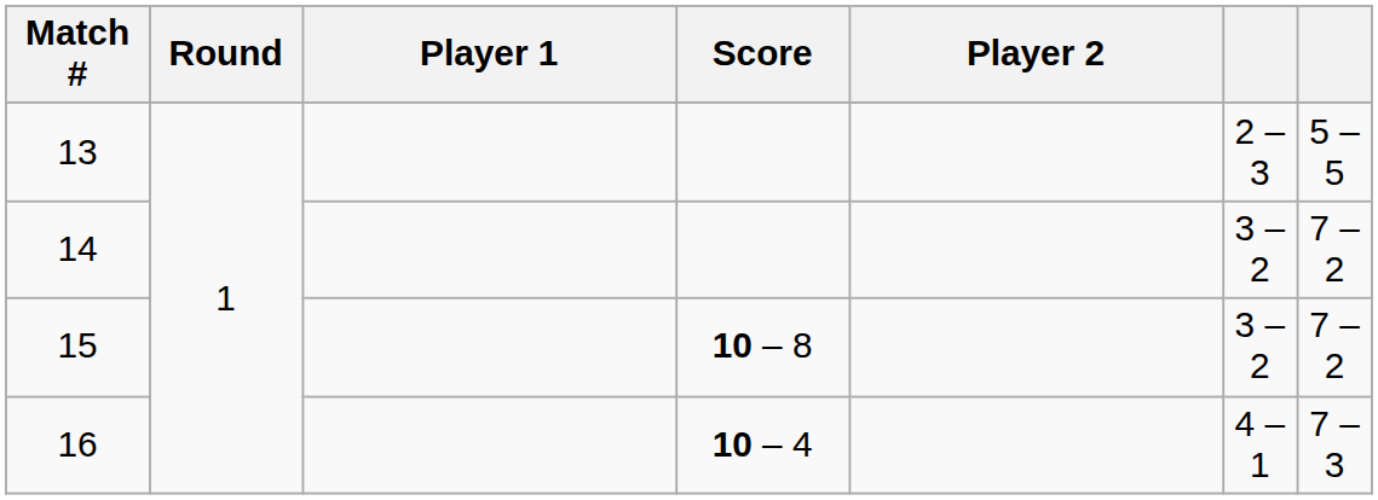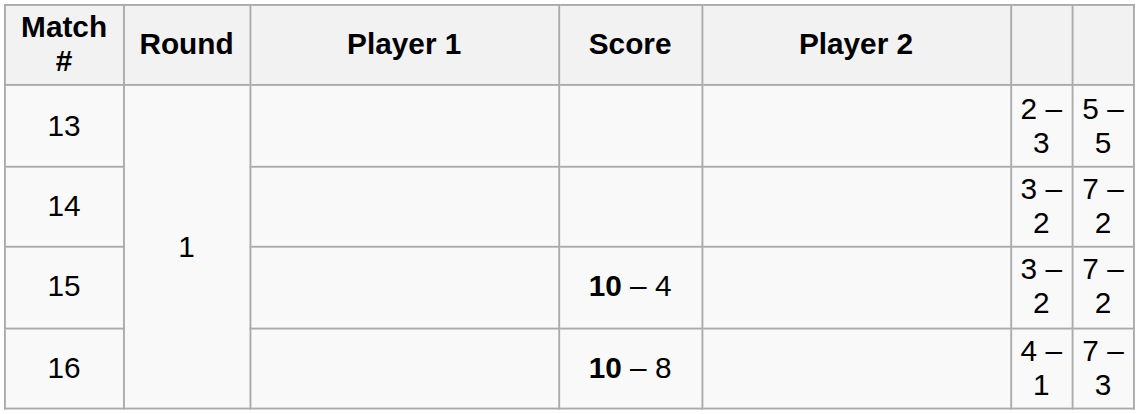 <table class="wikitable">
 <tr>
 <th width="2%">Match #</th>
 <th width="2%">Round</th>
 <th width="15%">Player 1</th>
 <th width="5%">Score</th>
 <th width="15%">Player 2</th>
 <th width="3%"></th>
 <th width="3%"></th>
 </tr>
 <tr style=text-align:center;"background:#;">
 <td>13</td>
 <td rowspan=4>1</td>
 <td><strong></strong></td>
 <td></td>
 <td></td>
 <td>2 – 3</td>
 <td>5 – 5</td>
 </tr>
 <tr style=text-align:center;"background:#;">
 <td>14</td>
 <td><strong></strong></td>
 <td></td>
 <td></td>
 <td>3 – 2</td>
 <td>7 – 2</td>
 </tr>
 <tr style=text-align:center;"background:#;">
 <td>15</td>
 <td><strong></strong></td>
-<td><strong>10</strong> – 8</td>
+<td><strong>10</strong> – 4</td>
 <td></td>
 <td>3 – 2</td>
 <td>7 – 2</td>
 </tr>
 <tr style=text-align:center;"background:#;">
 <td>16</td>
 <td><strong></strong></td>
-<td><strong>10</strong> – 4</td>
+<td><strong>10</strong> – 8</td>
 <td></td>
 <td>4 – 1</td>
 <td>7 – 3</td>
 </tr>
 </table>
